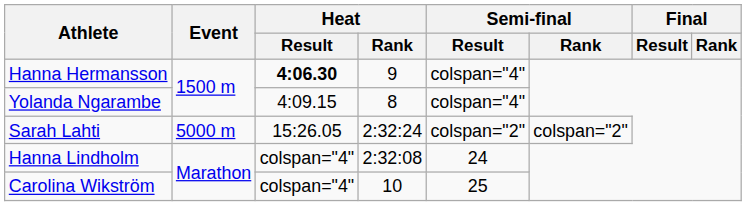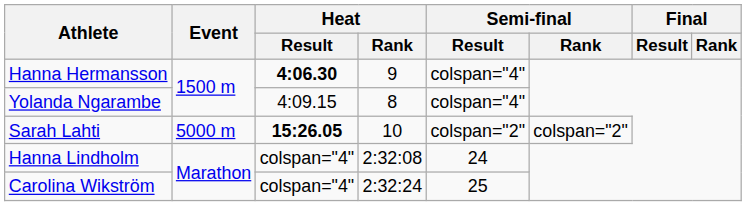 <table class="wikitable" style="font-size:90%">
 <tr>
 <th rowspan="2">Athlete</th>
 <th rowspan="2">Event</th>
 <th colspan="2">Heat</th>
 <th colspan="2">Semi-final</th>
 <th colspan="2">Final</th>
 </tr>
 <tr style="font-size:95%">
 <th>Result</th>
 <th>Rank</th>
 <th>Result</th>
 <th>Rank</th>
 <th>Result</th>
 <th>Rank</th>
 </tr>
 <tr align=center>
 <td align="left"><a href='#'>Hanna Hermansson</a></td>
 <td rowspan="2" align="left"><a href='#'>1500 m</a></td>
 <td><strong>4:06.30 </strong></td>
 <td>9</td>
 <td>colspan="4" </td>
 </tr>
 <tr align=center>
 <td align="left"><a href='#'>Yolanda Ngarambe</a></td>
 <td>4:09.15</td>
 <td>8</td>
 <td>colspan="4" </td>
 </tr>
 <tr align=center>
 <td align="left"><a href='#'>Sarah Lahti</a></td>
 <td align="left"><a href='#'>5000 m</a></td>
-<td>15:26.05</td>
-<td>2:32:24</td>
+<td><strong>15:26.05</strong></td>
+<td>10</td>
 <td>colspan="2" </td>
 <td>colspan="2" </td>
 </tr>
 <tr align=center>
 <td align="left"><a href='#'>Hanna Lindholm</a></td>
 <td rowspan="2" align="left"><a href='#'>Marathon</a></td>
 <td>colspan="4" </td>
 <td>2:32:08 </td>
 <td>24</td>
 </tr>
 <tr align=center>
 <td align="left"><a href='#'>Carolina Wikström</a></td>
 <td>colspan="4" </td>
-<td>10</td>
+<td>2:32:24</td>
 <td>25</td>
 </tr>
 </table>
